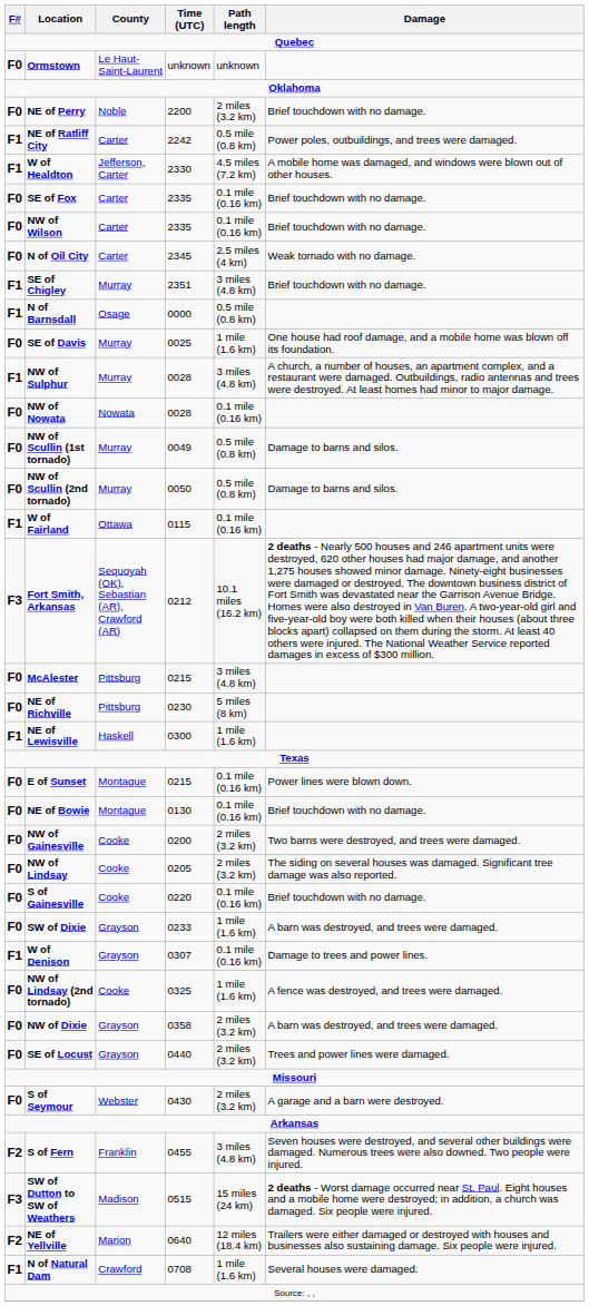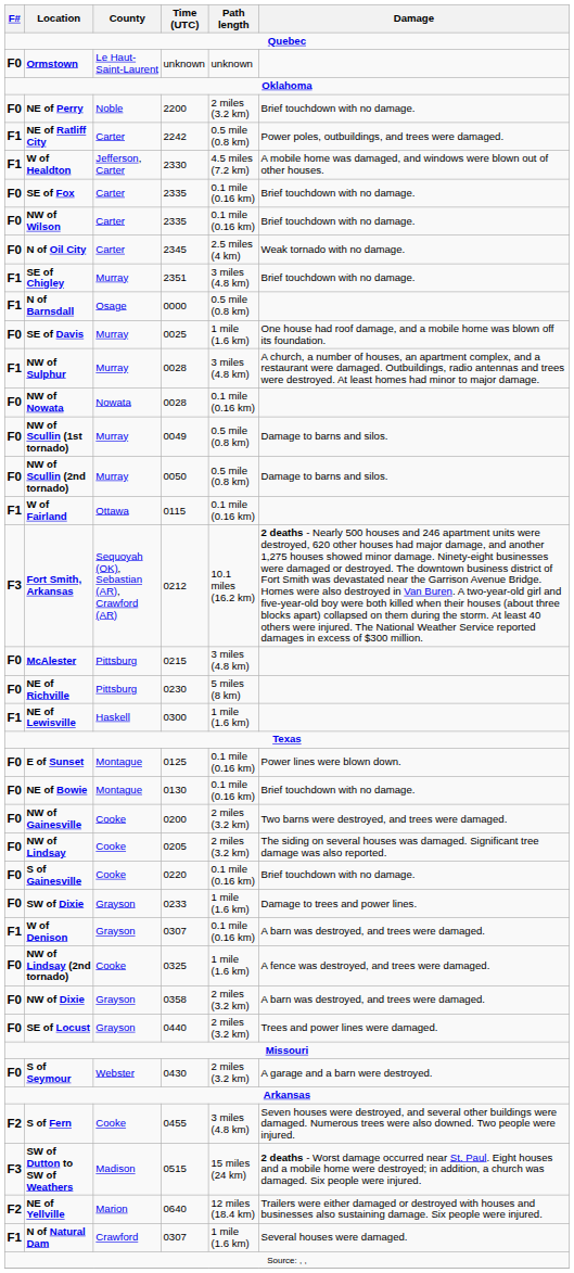 <table class="wikitable">
 <tr>
 <th><strong><a href='#'>F#</a></strong></th>
 <th><strong>Location</strong></th>
 <th><strong>County</strong></th>
 <th><strong>Time (UTC)</strong></th>
 <th><strong>Path length</strong></th>
 <th><strong>Damage</strong></th>
 </tr>
 <tr>
 <td colspan="7" align=center><strong><a href='#'>Quebec</a></strong></td>
 </tr>
 <tr>
 <td><big><strong>F0</strong></big></td>
 <td><strong><a href='#'>Ormstown</a></strong></td>
 <td><a href='#'>Le Haut-Saint-Laurent</a></td>
 <td>unknown</td>
 <td>unknown</td>
 <td></td>
 </tr>
 <tr>
 <td colspan="7" align=center><strong><a href='#'>Oklahoma</a></strong></td>
 </tr>
 <tr>
 <td><big><strong>F0</strong></big></td>
 <td><strong>NE of <a href='#'>Perry</a></strong></td>
 <td><a href='#'>Noble</a></td>
 <td>2200</td>
 <td>2 miles <br>(3.2 km)</td>
 <td>Brief touchdown with no damage.</td>
 </tr>
 <tr>
 <td><big><strong>F1</strong></big></td>
 <td><strong>NE of <a href='#'>Ratliff City</a></strong></td>
 <td><a href='#'>Carter</a></td>
 <td>2242</td>
 <td>0.5 mile <br>(0.8 km)</td>
 <td>Power poles, outbuildings, and trees were damaged.</td>
 </tr>
 <tr>
 <td><big><strong>F1</strong></big></td>
 <td><strong>W of <a href='#'>Healdton</a></strong></td>
 <td><a href='#'>Jefferson</a>, <a href='#'>Carter</a></td>
 <td>2330</td>
 <td>4.5 miles <br>(7.2 km)</td>
 <td>A mobile home was damaged, and windows were blown out of other houses.</td>
 </tr>
 <tr>
 <td><big><strong>F0</strong></big></td>
 <td><strong>SE of <a href='#'>Fox</a></strong></td>
 <td><a href='#'>Carter</a></td>
 <td>2335</td>
 <td>0.1 mile <br>(0.16 km)</td>
 <td>Brief touchdown with no damage.</td>
 </tr>
 <tr>
 <td><big><strong>F0</strong></big></td>
 <td><strong>NW of <a href='#'>Wilson</a></strong></td>
 <td><a href='#'>Carter</a></td>
 <td>2335</td>
 <td>0.1 mile <br>(0.16 km)</td>
 <td>Brief touchdown with no damage.</td>
 </tr>
 <tr>
 <td><big><strong>F0</strong></big></td>
 <td><strong>N of <a href='#'>Oil City</a></strong></td>
 <td><a href='#'>Carter</a></td>
 <td>2345</td>
 <td>2.5 miles <br>(4 km)</td>
 <td>Weak tornado with no damage.</td>
 </tr>
 <tr>
 <td><big><strong>F1</strong></big></td>
 <td><strong>SE of <a href='#'>Chigley</a></strong></td>
 <td><a href='#'>Murray</a></td>
 <td>2351</td>
 <td>3 miles <br>(4.8 km)</td>
 <td>Brief touchdown with no damage.</td>
 </tr>
 <tr>
 <td><big><strong>F1</strong></big></td>
 <td><strong>N of <a href='#'>Barnsdall</a></strong></td>
 <td><a href='#'>Osage</a></td>
 <td>0000</td>
 <td>0.5 mile <br>(0.8 km)</td>
 <td></td>
 </tr>
 <tr>
 <td><big><strong>F0</strong></big></td>
 <td><strong>SE of <a href='#'>Davis</a></strong></td>
 <td><a href='#'>Murray</a></td>
 <td>0025</td>
 <td>1 mile <br>(1.6 km)</td>
 <td>One house had roof damage, and a mobile home was blown off its foundation.</td>
 </tr>
 <tr>
 <td><big><strong>F1</strong></big></td>
 <td><strong>NW of <a href='#'>Sulphur</a></strong></td>
 <td><a href='#'>Murray</a></td>
 <td>0028</td>
 <td>3 miles <br>(4.8 km)</td>
 <td>A church, a number of houses, an apartment complex, and a restaurant were damaged. Outbuildings, radio antennas and trees were destroyed. At least homes had minor to major damage.</td>
 </tr>
 <tr>
 <td><big><strong>F0</strong></big></td>
 <td><strong>NW of <a href='#'>Nowata</a></strong></td>
 <td><a href='#'>Nowata</a></td>
 <td>0028</td>
 <td>0.1 mile <br>(0.16 km)</td>
 <td></td>
 </tr>
 <tr>
 <td><big><strong>F0</strong></big></td>
 <td><strong>NW of <a href='#'>Scullin</a> (1st tornado)</strong></td>
 <td><a href='#'>Murray</a></td>
 <td>0049</td>
 <td>0.5 mile <br>(0.8 km)</td>
 <td>Damage to barns and silos.</td>
 </tr>
 <tr>
 <td><big><strong>F0</strong></big></td>
 <td><strong>NW of <a href='#'>Scullin</a> (2nd tornado)</strong></td>
 <td><a href='#'>Murray</a></td>
 <td>0050</td>
 <td>0.5 mile <br>(0.8 km)</td>
 <td>Damage to barns and silos.</td>
 </tr>
 <tr>
 <td><big><strong>F1</strong></big></td>
 <td><strong>W of <a href='#'>Fairland</a></strong></td>
 <td><a href='#'>Ottawa</a></td>
 <td>0115</td>
 <td>0.1 mile <br>(0.16 km)</td>
 <td></td>
 </tr>
 <tr>
 <td><big><strong>F3</strong></big></td>
 <td><strong><a href='#'>Fort Smith, Arkansas</a></strong></td>
 <td><a href='#'>Sequoyah (OK)</a>, <a href='#'>Sebastian (AR)</a>, <a href='#'>Crawford (AR)</a></td>
 <td>0212</td>
 <td>10.1 miles <br>(16.2 km)</td>
 <td><strong>2 deaths</strong> - Nearly 500 houses and 246 apartment units were destroyed, 620 other houses had major damage, and another 1,275 houses showed minor damage. Ninety-eight businesses were damaged or destroyed. The downtown business district of Fort Smith was devastated near the Garrison Avenue Bridge. Homes were also destroyed in <a href='#'>Van Buren</a>. A two-year-old girl and five-year-old boy were both killed when their houses (about three blocks apart) collapsed on them during the storm. At least 40 others were injured. The National Weather Service reported damages in excess of $300 million.</td>
 </tr>
 <tr>
 <td><big><strong>F0</strong></big></td>
 <td><strong><a href='#'>McAlester</a></strong></td>
 <td><a href='#'>Pittsburg</a></td>
 <td>0215</td>
 <td>3 miles <br>(4.8 km)</td>
 <td></td>
 </tr>
 <tr>
 <td><big><strong>F0</strong></big></td>
 <td><strong>NE of <a href='#'>Richville</a></strong></td>
 <td><a href='#'>Pittsburg</a></td>
 <td>0230</td>
 <td>5 miles <br>(8 km)</td>
 <td></td>
 </tr>
 <tr>
 <td><big><strong>F1</strong></big></td>
 <td><strong>NE of <a href='#'>Lewisville</a></strong></td>
 <td><a href='#'>Haskell</a></td>
 <td>0300</td>
 <td>1 mile <br>(1.6 km)</td>
 <td></td>
 </tr>
 <tr>
 <td colspan="7" align=center><strong><a href='#'>Texas</a></strong></td>
 </tr>
 <tr>
 <td><big><strong>F0</strong></big></td>
 <td><strong>E of <a href='#'>Sunset</a></strong></td>
 <td><a href='#'>Montague</a></td>
-<td>0215</td>
+<td>0125</td>
 <td>0.1 mile <br>(0.16 km)</td>
 <td>Power lines were blown down.</td>
 </tr>
 <tr>
 <td><big><strong>F0</strong></big></td>
 <td><strong>NE of <a href='#'>Bowie</a></strong></td>
 <td><a href='#'>Montague</a></td>
 <td>0130</td>
 <td>0.1 mile <br>(0.16 km)</td>
 <td>Brief touchdown with no damage.</td>
 </tr>
 <tr>
 <td><big><strong>F0</strong></big></td>
 <td><strong>NW of <a href='#'>Gainesville</a></strong></td>
 <td><a href='#'>Cooke</a></td>
 <td>0200</td>
 <td>2 miles <br>(3.2 km)</td>
 <td>Two barns were destroyed, and trees were damaged.</td>
 </tr>
 <tr>
 <td><big><strong>F0</strong></big></td>
 <td><strong>NW of <a href='#'>Lindsay</a></strong></td>
 <td><a href='#'>Cooke</a></td>
 <td>0205</td>
 <td>2 miles <br>(3.2 km)</td>
 <td>The siding on several houses was damaged. Significant tree damage was also reported.</td>
 </tr>
 <tr>
 <td><big><strong>F0</strong></big></td>
 <td><strong>S of <a href='#'>Gainesville</a></strong></td>
 <td><a href='#'>Cooke</a></td>
 <td>0220</td>
 <td>0.1 mile <br>(0.16 km)</td>
 <td>Brief touchdown with no damage.</td>
 </tr>
 <tr>
 <td><big><strong>F0</strong></big></td>
 <td><strong>SW of <a href='#'>Dixie</a></strong></td>
 <td><a href='#'>Grayson</a></td>
 <td>0233</td>
 <td>1 mile <br>(1.6 km)</td>
-<td>A barn was destroyed, and trees were damaged.</td>
+<td>Damage to trees and power lines.</td>
 </tr>
 <tr>
 <td><big><strong>F1</strong></big></td>
 <td><strong>W of <a href='#'>Denison</a></strong></td>
 <td><a href='#'>Grayson</a></td>
 <td>0307</td>
 <td>0.1 mile <br>(0.16 km)</td>
-<td>Damage to trees and power lines.</td>
+<td>A barn was destroyed, and trees were damaged.</td>
 </tr>
 <tr>
 <td><big><strong>F0</strong></big></td>
 <td><strong>NW of <a href='#'>Lindsay</a> (2nd tornado)</strong></td>
 <td><a href='#'>Cooke</a></td>
 <td>0325</td>
 <td>1 mile <br>(1.6 km)</td>
 <td>A fence was destroyed, and trees were damaged.</td>
 </tr>
 <tr>
 <td><big><strong>F0</strong></big></td>
 <td><strong>NW of <a href='#'>Dixie</a></strong></td>
 <td><a href='#'>Grayson</a></td>
 <td>0358</td>
 <td>2 miles <br>(3.2 km)</td>
 <td>A barn was destroyed, and trees were damaged.</td>
 </tr>
 <tr>
 <td><big><strong>F0</strong></big></td>
 <td><strong>SE of <a href='#'>Locust</a></strong></td>
 <td><a href='#'>Grayson</a></td>
 <td>0440</td>
 <td>2 miles <br>(3.2 km)</td>
 <td>Trees and power lines were damaged.</td>
 </tr>
 <tr>
 <td colspan="7" align=center><strong><a href='#'>Missouri</a></strong></td>
 </tr>
 <tr>
 <td><big><strong>F0</strong></big></td>
 <td><strong>S of <a href='#'>Seymour</a></strong></td>
 <td><a href='#'>Webster</a></td>
 <td>0430</td>
 <td>2 miles <br>(3.2 km)</td>
 <td>A garage and a barn were destroyed.</td>
 </tr>
 <tr>
 <td colspan="7" align=center><strong><a href='#'>Arkansas</a></strong></td>
 </tr>
 <tr>
 <td><big><strong>F2</strong></big></td>
 <td><strong>S of <a href='#'>Fern</a></strong></td>
-<td><a href='#'>Franklin</a></td>
+<td><a href='#'>Cooke</a></td>
 <td>0455</td>
 <td>3 miles <br>(4.8 km)</td>
 <td>Seven houses were destroyed, and several other buildings were damaged. Numerous trees were also downed. Two  people were injured.</td>
 </tr>
 <tr>
 <td><big><strong>F3</strong></big></td>
 <td><strong>SW of <a href='#'>Dutton</a> to SW of <a href='#'>Weathers</a></strong></td>
 <td><a href='#'>Madison</a></td>
 <td>0515</td>
 <td>15 miles <br>(24 km)</td>
 <td><strong>2 deaths</strong> - Worst damage occurred near <a href='#'>St. Paul</a>. Eight houses and a mobile home were destroyed; in addition, a church was damaged. Six people were injured.</td>
 </tr>
 <tr>
 <td><big><strong>F2</strong></big></td>
 <td><strong>NE of <a href='#'>Yellville</a></strong></td>
 <td><a href='#'>Marion</a></td>
 <td>0640</td>
 <td>12 miles <br>(18.4 km)</td>
 <td>Trailers were either damaged or destroyed with houses and businesses also sustaining damage. Six people were injured.</td>
 </tr>
 <tr>
 <td><big><strong>F1</strong></big></td>
 <td><strong>N of <a href='#'>Natural Dam</a></strong></td>
 <td><a href='#'>Crawford</a></td>
-<td>0708</td>
+<td>0307</td>
 <td>1 mile <br>(1.6 km)</td>
 <td>Several houses were damaged.</td>
 </tr>
 <tr>
 <td colspan="7" align=center><small>Source: , , </small></td>
 </tr>
 <tr>
 </tr>
 </table>
